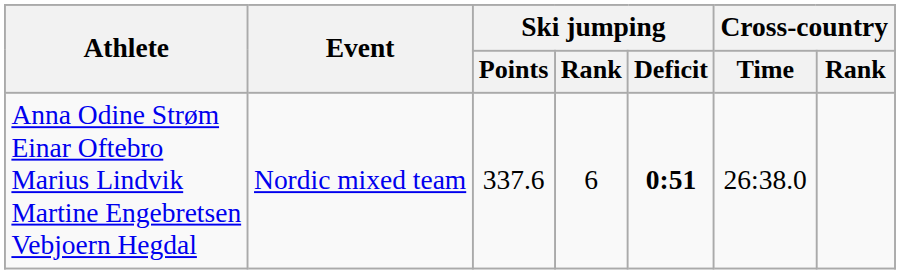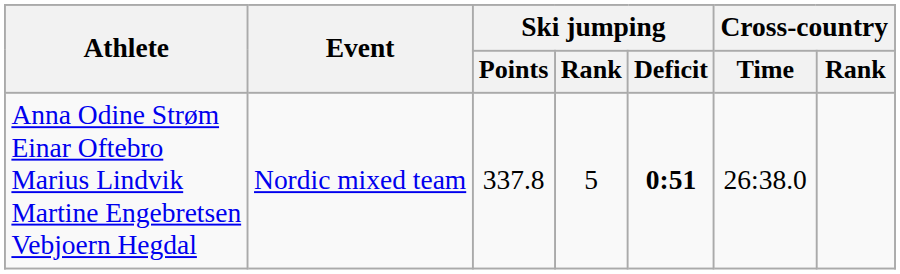 <table class="wikitable" style="font-size:90%">
 <tr>
 <th rowspan="2">Athlete</th>
 <th rowspan="2">Event</th>
 <th colspan="3">Ski jumping</th>
 <th colspan="2">Cross-country</th>
 </tr>
 <tr style="font-size:95%">
 <th>Points</th>
 <th>Rank</th>
 <th>Deficit</th>
 <th>Time</th>
 <th>Rank</th>
 </tr>
 <tr align=center>
 <td align=left><a href='#'>Anna Odine Strøm</a><br><a href='#'>Einar Oftebro</a><br><a href='#'>Marius Lindvik</a><br><a href='#'>Martine Engebretsen</a><br><a href='#'>Vebjoern Hegdal</a></td>
 <td align=left><a href='#'>Nordic mixed team</a></td>
-<td>337.6</td>
-<td>6</td>
+<td>337.8</td>
+<td>5</td>
 <td><strong>0:51</strong></td>
 <td>26:38.0</td>
 <td></td>
 </tr>
 </table>
